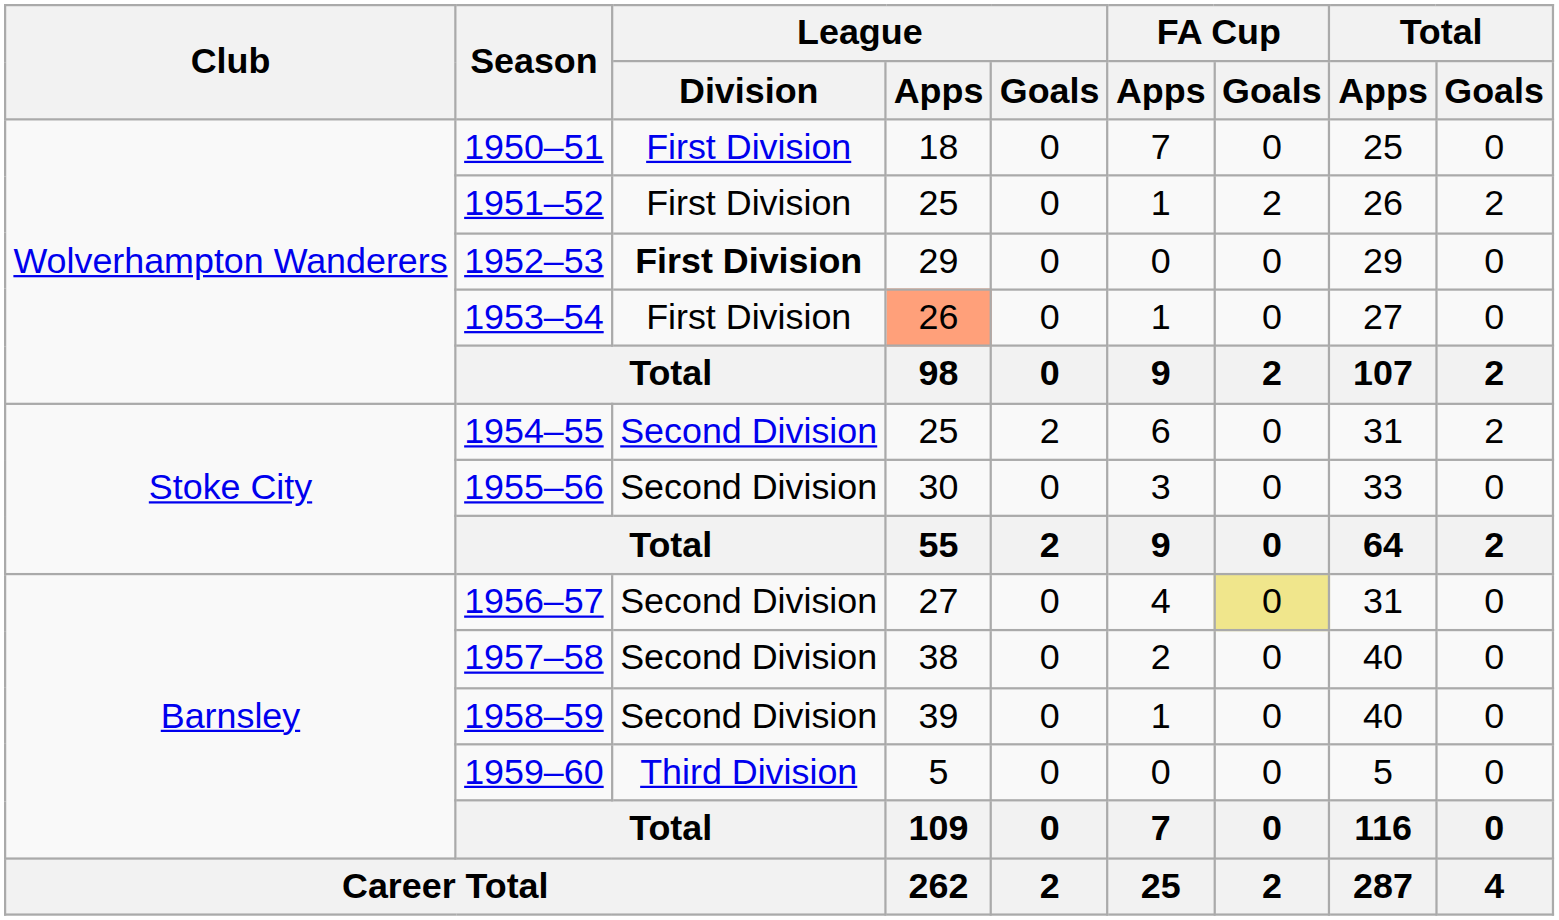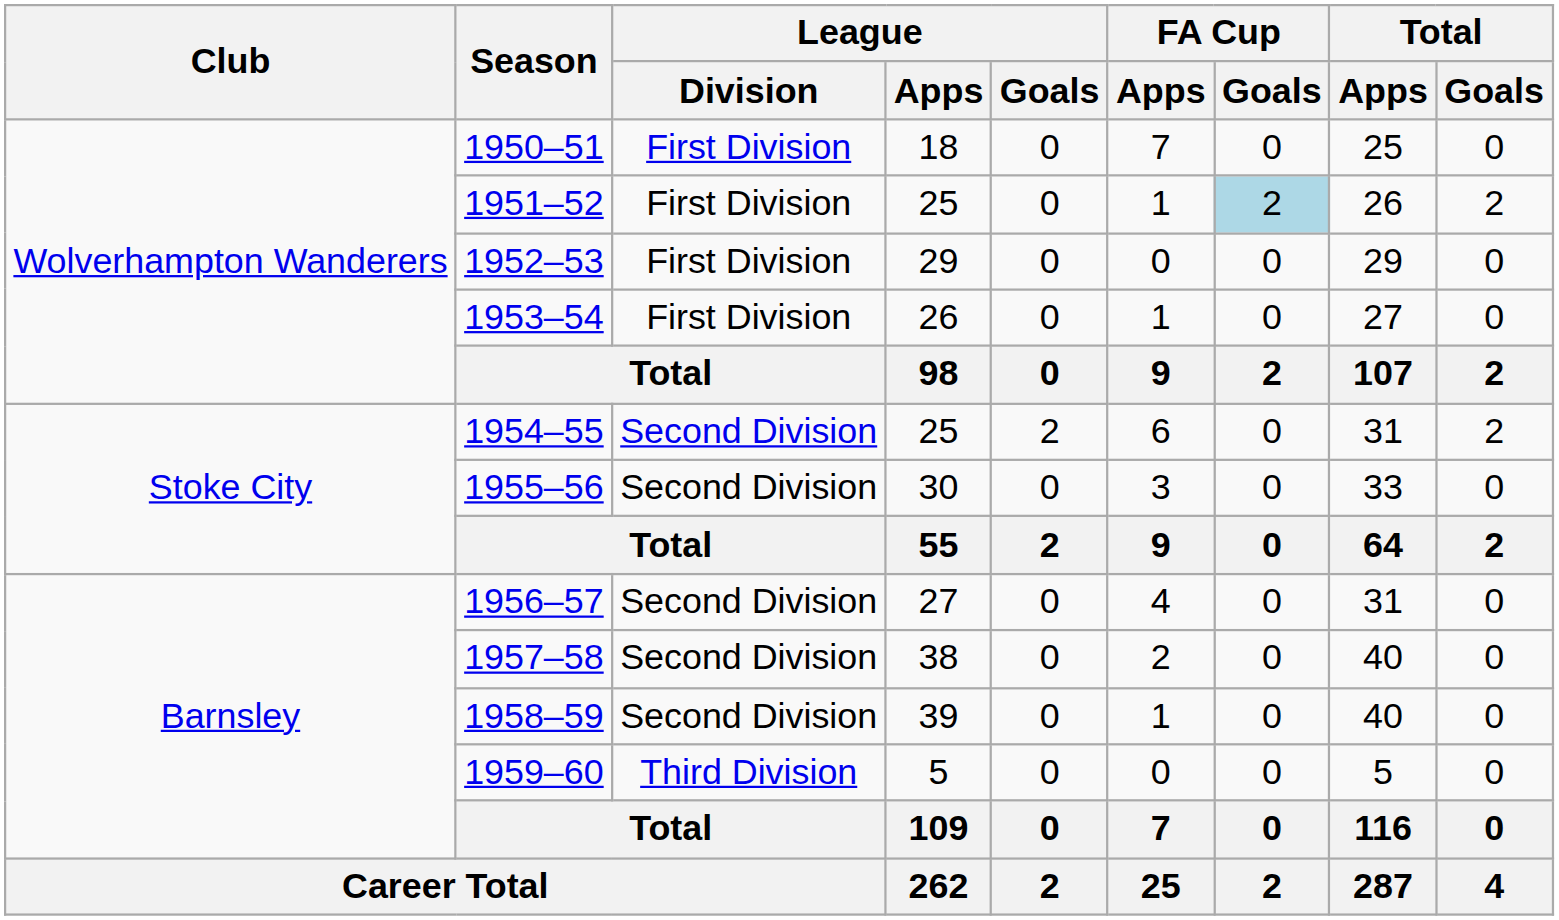 <table class="wikitable" style="text-align: center;">
 <tr>
 <th rowspan="2">Club</th>
 <th rowspan="2">Season</th>
 <th colspan="3">League</th>
 <th colspan="2">FA Cup</th>
 <th colspan="2">Total</th>
 </tr>
 <tr>
 <th>Division</th>
 <th>Apps</th>
 <th>Goals</th>
 <th>Apps</th>
 <th>Goals</th>
 <th>Apps</th>
 <th>Goals</th>
 </tr>
 <tr>
 <td rowspan="5"><a href='#'>Wolverhampton Wanderers</a></td>
 <td><a href='#'>1950–51</a></td>
 <td><a href='#'>First Division</a></td>
 <td>18</td>
 <td>0</td>
 <td>7</td>
 <td>0</td>
 <td>25</td>
 <td>0</td>
 </tr>
 <tr>
 <td><a href='#'>1951–52</a></td>
 <td>First Division</td>
 <td>25</td>
 <td>0</td>
 <td>1</td>
-<td>2</td>
+<td style="background: lightblue;">2</td>
 <td>26</td>
 <td>2</td>
 </tr>
 <tr>
 <td><a href='#'>1952–53</a></td>
-<td><strong>First Division</strong></td>
+<td>First Division</td>
 <td>29</td>
 <td>0</td>
 <td>0</td>
 <td>0</td>
 <td>29</td>
 <td>0</td>
 </tr>
 <tr>
 <td><a href='#'>1953–54</a></td>
 <td>First Division</td>
-<td style="background: lightsalmon;">26</td>
+<td>26</td>
 <td>0</td>
 <td>1</td>
 <td>0</td>
 <td>27</td>
 <td>0</td>
 </tr>
 <tr>
 <th colspan="2">Total</th>
 <th>98</th>
 <th>0</th>
 <th>9</th>
 <th>2</th>
 <th>107</th>
 <th>2</th>
 </tr>
 <tr>
 <td rowspan="3"><a href='#'>Stoke City</a></td>
 <td><a href='#'>1954–55</a></td>
 <td><a href='#'>Second Division</a></td>
 <td>25</td>
 <td>2</td>
 <td>6</td>
 <td>0</td>
 <td>31</td>
 <td>2</td>
 </tr>
 <tr>
 <td><a href='#'>1955–56</a></td>
 <td>Second Division</td>
 <td>30</td>
 <td>0</td>
 <td>3</td>
 <td>0</td>
 <td>33</td>
 <td>0</td>
 </tr>
 <tr>
 <th colspan="2">Total</th>
 <th>55</th>
 <th>2</th>
 <th>9</th>
 <th>0</th>
 <th>64</th>
 <th>2</th>
 </tr>
 <tr>
 <td rowspan="5"><a href='#'>Barnsley</a></td>
 <td><a href='#'>1956–57</a></td>
 <td>Second Division</td>
 <td>27</td>
 <td>0</td>
 <td>4</td>
-<td style="background: khaki;">0</td>
+<td>0</td>
 <td>31</td>
 <td>0</td>
 </tr>
 <tr>
 <td><a href='#'>1957–58</a></td>
 <td>Second Division</td>
 <td>38</td>
 <td>0</td>
 <td>2</td>
 <td>0</td>
 <td>40</td>
 <td>0</td>
 </tr>
 <tr>
 <td><a href='#'>1958–59</a></td>
 <td>Second Division</td>
 <td>39</td>
 <td>0</td>
 <td>1</td>
 <td>0</td>
 <td>40</td>
 <td>0</td>
 </tr>
 <tr>
 <td><a href='#'>1959–60</a></td>
 <td><a href='#'>Third Division</a></td>
 <td>5</td>
 <td>0</td>
 <td>0</td>
 <td>0</td>
 <td>5</td>
 <td>0</td>
 </tr>
 <tr>
 <th colspan="2">Total</th>
 <th>109</th>
 <th>0</th>
 <th>7</th>
 <th>0</th>
 <th>116</th>
 <th>0</th>
 </tr>
 <tr>
 <th colspan="3">Career Total</th>
 <th>262</th>
 <th>2</th>
 <th>25</th>
 <th>2</th>
 <th>287</th>
 <th>4</th>
 </tr>
 </table>
